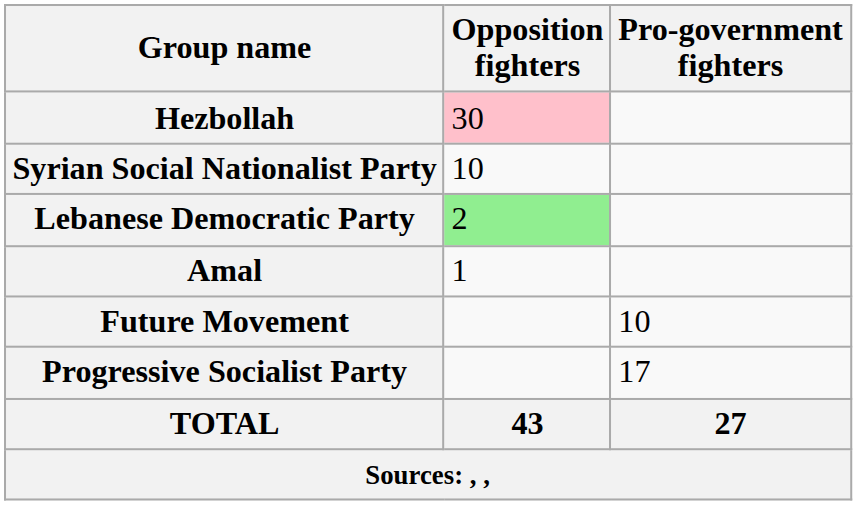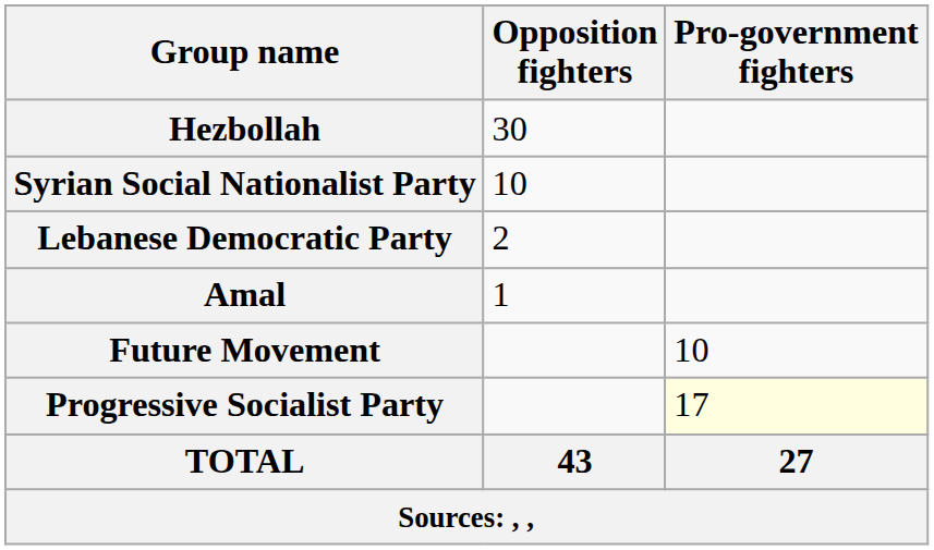 <table class="wikitable" align="top" style="margin:0 1em 0.5em 0;">
 <tr>
 <th>Group name</th>
 <th>Opposition<br>fighters</th>
 <th>Pro-government<br>fighters</th>
 </tr>
 <tr>
 <th>Hezbollah</th>
-<td style="background: pink;">30</td>
+<td>30</td>
 <td></td>
 </tr>
 <tr>
 <th>Syrian Social Nationalist Party</th>
 <td>10</td>
 <td></td>
 </tr>
 <tr>
 <th>Lebanese Democratic Party</th>
-<td style="background: lightgreen;">2</td>
+<td>2</td>
 <td></td>
 </tr>
 <tr>
 <th>Amal</th>
 <td>1</td>
 <td></td>
 </tr>
 <tr>
 <th>Future Movement</th>
 <td></td>
 <td>10</td>
 </tr>
 <tr>
 <th>Progressive Socialist Party</th>
 <td></td>
-<td>17</td>
+<td style="background: lightyellow;">17</td>
 </tr>
 <tr>
 <th><span>TOTAL</span></th>
 <th>43</th>
 <th>27</th>
 </tr>
 <tr>
 <th colspan="7"><small>Sources: , , </small></th>
 </tr>
 </table>
